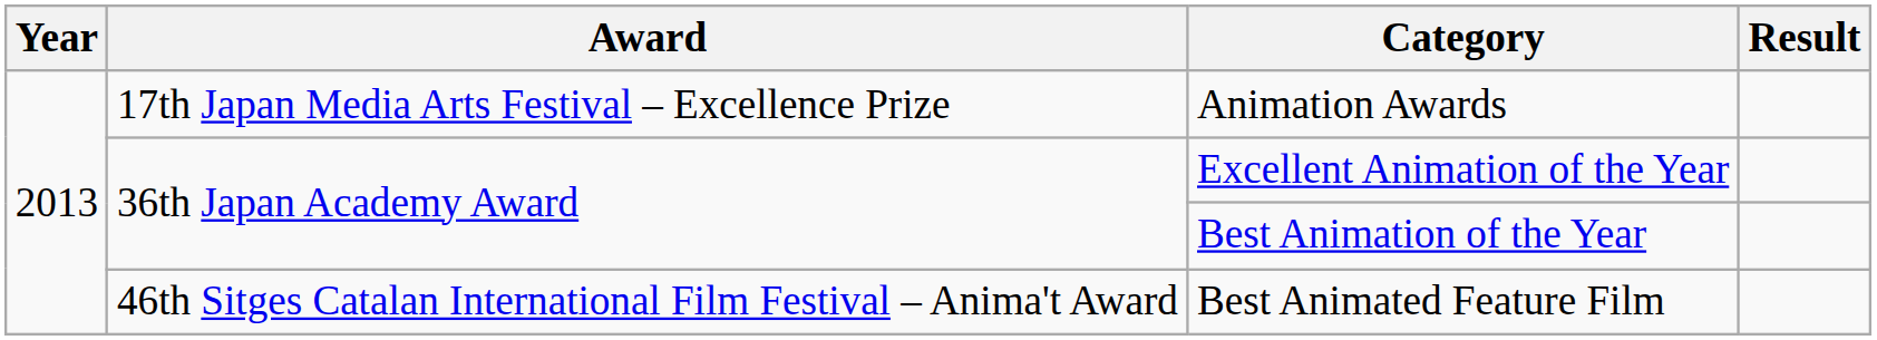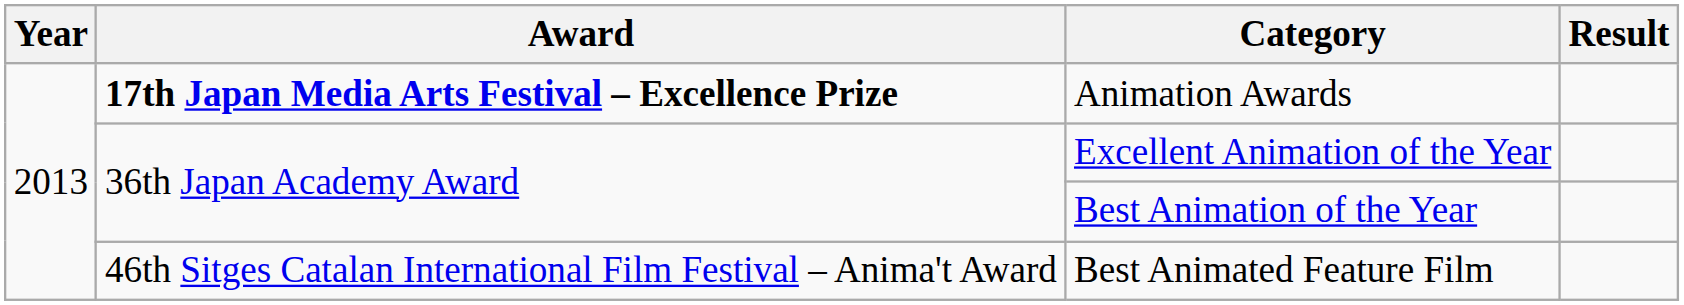 <table class="wikitable">
 <tr>
 <th>Year</th>
 <th>Award</th>
 <th>Category</th>
 <th>Result</th>
 </tr>
 <tr>
 <td rowspan=4>2013</td>
-<td>17th <a href='#'>Japan Media Arts Festival</a> – Excellence Prize</td>
+<td><strong>17th <a href='#'>Japan Media Arts Festival</a> – Excellence Prize</strong></td>
 <td>Animation Awards</td>
 <td></td>
 </tr>
 <tr>
 <td rowspan=2>36th <a href='#'>Japan Academy Award</a></td>
 <td><a href='#'>Excellent Animation of the Year</a></td>
 <td></td>
 </tr>
 <tr>
 <td><a href='#'>Best Animation of the Year</a></td>
 <td></td>
 </tr>
 <tr>
 <td>46th <a href='#'>Sitges Catalan International Film Festival</a> – Anima't Award</td>
 <td>Best Animated Feature Film</td>
 <td></td>
 </tr>
 </table>
